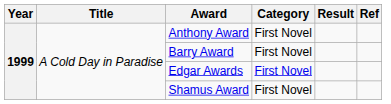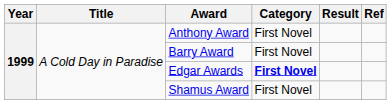 <table class="wikitable sortable">
 <tr>
 <th>Year</th>
 <th>Title</th>
 <th>Award</th>
 <th>Category</th>
 <th>Result</th>
 <th>Ref</th>
 </tr>
 <tr>
 <th rowspan="4">1999</th>
 <td rowspan="4"><em>A Cold Day in Paradise</em></td>
 <td><a href='#'>Anthony Award</a></td>
 <td>First Novel</td>
 <td></td>
 <td></td>
 </tr>
 <tr>
 <td><a href='#'>Barry Award</a></td>
 <td>First Novel</td>
 <td></td>
 <td></td>
 </tr>
 <tr>
 <td><a href='#'>Edgar Awards</a></td>
-<td><a href='#'>First Novel</a></td>
+<td><strong><a href='#'>First Novel</a></strong></td>
 <td></td>
 <td></td>
 </tr>
 <tr>
 <td><a href='#'>Shamus Award</a></td>
 <td>First Novel</td>
 <td></td>
 <td></td>
 </tr>
 </table>
